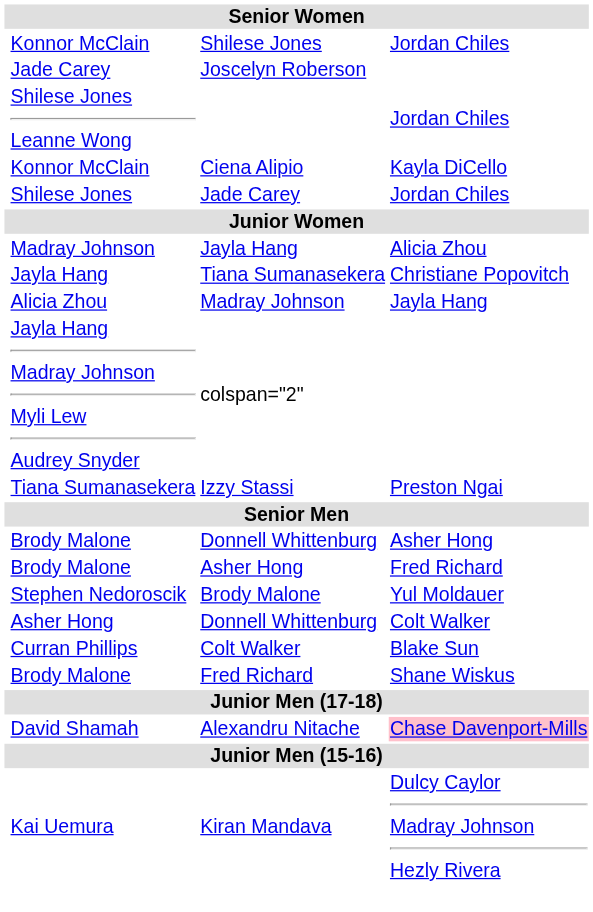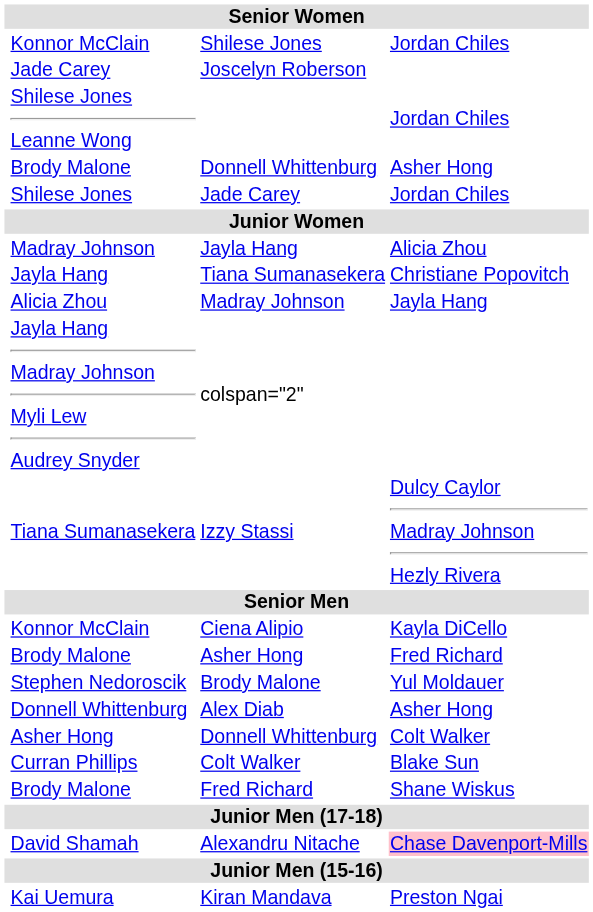 <table>
 <tr style="background:#dfdfdf;">
 <td colspan="4" style="text-align:center;"><strong>Senior Women</strong></td>
 </tr>
 <tr>
 <th scope=row style="text-align:left"></th>
 <td><a href='#'>Konnor McClain</a></td>
 <td><a href='#'>Shilese Jones</a></td>
 <td><a href='#'>Jordan Chiles</a></td>
 </tr>
 <tr>
 <th scope=row style="text-align:left"></th>
 <td><a href='#'>Jade Carey</a></td>
 <td><a href='#'>Joscelyn Roberson</a></td>
 <td></td>
 </tr>
 <tr>
 <th scope=row style="text-align:left"></th>
 <td><a href='#'>Shilese Jones</a><hr><a href='#'>Leanne Wong</a></td>
 <td></td>
 <td><a href='#'>Jordan Chiles</a></td>
 </tr>
 <tr>
 <th scope=row style="text-align:left"></th>
-<td><a href='#'>Konnor McClain</a></td>
-<td><a href='#'>Ciena Alipio</a></td>
-<td><a href='#'>Kayla DiCello</a></td>
+<td><a href='#'>Brody Malone</a></td>
+<td><a href='#'>Donnell Whittenburg</a></td>
+<td><a href='#'>Asher Hong</a></td>
 </tr>
 <tr>
 <th scope=row style="text-align:left"></th>
 <td><a href='#'>Shilese Jones</a></td>
 <td><a href='#'>Jade Carey</a></td>
 <td><a href='#'>Jordan Chiles</a></td>
 </tr>
 <tr style="background:#dfdfdf;">
 <td colspan="4" style="text-align:center;"><strong>Junior Women</strong></td>
 </tr>
 <tr>
 <th scope=row style="text-align:left"></th>
 <td><a href='#'>Madray Johnson</a></td>
 <td><a href='#'>Jayla Hang</a></td>
 <td><a href='#'>Alicia Zhou</a></td>
 </tr>
 <tr>
 <th scope=row style="text-align:left"></th>
 <td><a href='#'>Jayla Hang</a></td>
 <td><a href='#'>Tiana Sumanasekera</a></td>
 <td><a href='#'>Christiane Popovitch</a></td>
 </tr>
 <tr>
 <th scope=row style="text-align:left"></th>
 <td><a href='#'>Alicia Zhou</a></td>
 <td><a href='#'>Madray Johnson</a></td>
 <td><a href='#'>Jayla Hang</a></td>
 </tr>
 <tr>
 <th scope=row style="text-align:left"></th>
 <td><a href='#'>Jayla Hang</a><hr><a href='#'>Madray Johnson</a><hr><a href='#'>Myli Lew</a><hr><a href='#'>Audrey Snyder</a></td>
 <td>colspan="2" </td>
 </tr>
 <tr>
 <th scope=row style="text-align:left"></th>
 <td><a href='#'>Tiana Sumanasekera</a></td>
 <td><a href='#'>Izzy Stassi</a></td>
-<td><a href='#'>Preston Ngai</a></td>
+<td><a href='#'>Dulcy Caylor</a><hr><a href='#'>Madray Johnson</a><hr><a href='#'>Hezly Rivera</a></td>
 </tr>
 <tr style="background:#dfdfdf;">
 <td colspan="4" style="text-align:center;"><strong>Senior Men</strong></td>
 </tr>
 <tr>
 <th scope=row style="text-align:left"></th>
-<td><a href='#'>Brody Malone</a></td>
-<td><a href='#'>Donnell Whittenburg</a></td>
-<td><a href='#'>Asher Hong</a></td>
+<td><a href='#'>Konnor McClain</a></td>
+<td><a href='#'>Ciena Alipio</a></td>
+<td><a href='#'>Kayla DiCello</a></td>
 </tr>
 <tr>
 <th scope=row style="text-align:left"></th>
 <td><a href='#'>Brody Malone</a></td>
 <td><a href='#'>Asher Hong</a></td>
 <td><a href='#'>Fred Richard</a></td>
 </tr>
 <tr>
 <th scope=row style="text-align:left"></th>
 <td><a href='#'>Stephen Nedoroscik</a></td>
 <td><a href='#'>Brody Malone</a></td>
 <td><a href='#'>Yul Moldauer</a></td>
+</tr>
+<tr>
+<th scope=row style="text-align:left"></th>
+<td><a href='#'>Donnell Whittenburg</a></td>
+<td><a href='#'>Alex Diab</a></td>
+<td><a href='#'>Asher Hong</a></td>
 </tr>
 <tr>
 <th scope=row style="text-align:left"></th>
 <td><a href='#'>Asher Hong</a></td>
 <td><a href='#'>Donnell Whittenburg</a></td>
 <td><a href='#'>Colt Walker</a></td>
 </tr>
 <tr>
 <th scope=row style="text-align:left"></th>
 <td><a href='#'>Curran Phillips</a></td>
 <td><a href='#'>Colt Walker</a></td>
 <td><a href='#'>Blake Sun</a></td>
 </tr>
 <tr>
 <th scope=row style="text-align:left"></th>
 <td><a href='#'>Brody Malone</a></td>
 <td><a href='#'>Fred Richard</a></td>
 <td><a href='#'>Shane Wiskus</a></td>
 </tr>
 <tr style="background:#dfdfdf;">
 <td colspan="4" style="text-align:center;"><strong>Junior Men (17-18)</strong></td>
 </tr>
 <tr>
 <th scope=row style="text-align:left"></th>
 <td><a href='#'>David Shamah</a></td>
 <td><a href='#'>Alexandru Nitache</a></td>
 <td style="background: pink;"><a href='#'>Chase Davenport-Mills</a></td>
 </tr>
 <tr style="background:#dfdfdf;">
 <td colspan="4" style="text-align:center;"><strong>Junior Men (15-16)</strong></td>
 </tr>
 <tr>
 <th scope=row style="text-align:left"></th>
 <td><a href='#'>Kai Uemura</a></td>
 <td><a href='#'>Kiran Mandava</a></td>
-<td><a href='#'>Dulcy Caylor</a><hr><a href='#'>Madray Johnson</a><hr><a href='#'>Hezly Rivera</a></td>
+<td><a href='#'>Preston Ngai</a></td>
 </tr>
 </table>
